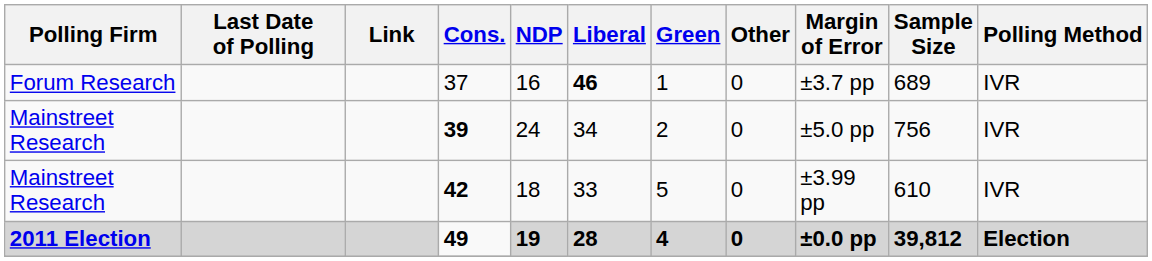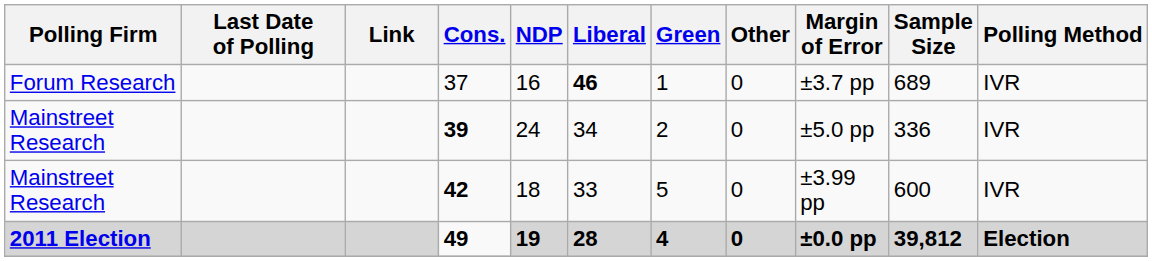 <table class="wikitable sortable">
 <tr style="background:#e9e9e9;">
 <th style="width:120px">Polling Firm</th>
 <th style="width:110px">Last Date<br>of Polling</th>
 <th style="width:60px" class="unsortable">Link</th>
 <th style="background-color:"><strong><a href='#'>Cons.</a></strong></th>
 <th style="background-color:"><strong><a href='#'>NDP</a></strong></th>
 <th style="background-color:"><strong><a href='#'>Liberal</a></strong></th>
 <th style="background-color:"><strong><a href='#'>Green</a></strong></th>
 <th style="background-color:"><strong>Other</strong></th>
 <th style="width:60px;" class=unsortable>Margin<br>of Error</th>
 <th style="width:50px;" class=unsortable>Sample<br>Size</th>
 <th class=unsortable>Polling Method</th>
 </tr>
 <tr>
 <td><a href='#'>Forum Research</a></td>
 <td></td>
 <td></td>
 <td>37</td>
 <td>16</td>
 <td><strong>46</strong></td>
 <td>1</td>
 <td>0</td>
 <td>±3.7 pp</td>
 <td>689</td>
 <td>IVR</td>
 </tr>
 <tr>
 <td><a href='#'>Mainstreet Research</a></td>
 <td></td>
 <td></td>
 <td><strong>39</strong></td>
 <td>24</td>
 <td>34</td>
 <td>2</td>
 <td>0</td>
 <td>±5.0 pp</td>
-<td>756</td>
+<td>336</td>
 <td>IVR</td>
 </tr>
 <tr>
 <td><a href='#'>Mainstreet Research</a></td>
 <td></td>
 <td></td>
 <td><strong>42</strong></td>
 <td>18</td>
 <td>33</td>
 <td>5</td>
 <td>0</td>
 <td>±3.99 pp</td>
-<td>610</td>
+<td>600</td>
 <td>IVR</td>
 </tr>
 <tr>
 <td style="background:#D5D5D5"><strong><a href='#'>2011 Election</a></strong></td>
 <td style="background:#D5D5D5"><strong></strong></td>
 <td style="background:#D5D5D5"></td>
 <td><strong>49</strong></td>
 <td style="background:#D5D5D5"><strong>19</strong></td>
 <td style="background:#D5D5D5"><strong>28</strong></td>
 <td style="background:#D5D5D5"><strong>4</strong></td>
 <td style="background:#D5D5D5"><strong>0</strong></td>
 <td style="background:#D5D5D5"><strong>±0.0 pp</strong></td>
 <td style="background:#D5D5D5"><strong>39,812</strong></td>
 <td style="background:#D5D5D5"><strong>Election</strong></td>
 </tr>
 <tr>
 </tr>
 <tr>
 </tr>
 </table>
